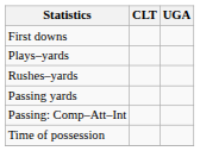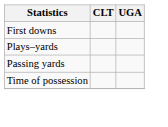 <table class="wikitable" style="float: left;">
 <tr>
 <th>Statistics</th>
 <th>CLT</th>
 <th>UGA</th>
 </tr>
 <tr>
 <td>First downs</td>
 <td></td>
 <td></td>
 </tr>
 <tr>
 <td>Plays–yards</td>
 <td></td>
 <td></td>
 </tr>
 <tr>
-<td>Rushes–yards</td>
-<td></td>
-<td></td>
-</tr>
-<tr>
 <td>Passing yards</td>
-<td></td>
-<td></td>
-</tr>
-<tr>
-<td>Passing: Comp–Att–Int</td>
 <td></td>
 <td></td>
 </tr>
 <tr>
 <td>Time of possession</td>
 <td></td>
 <td></td>
 </tr>
 <tr>
 </tr>
 </table>
